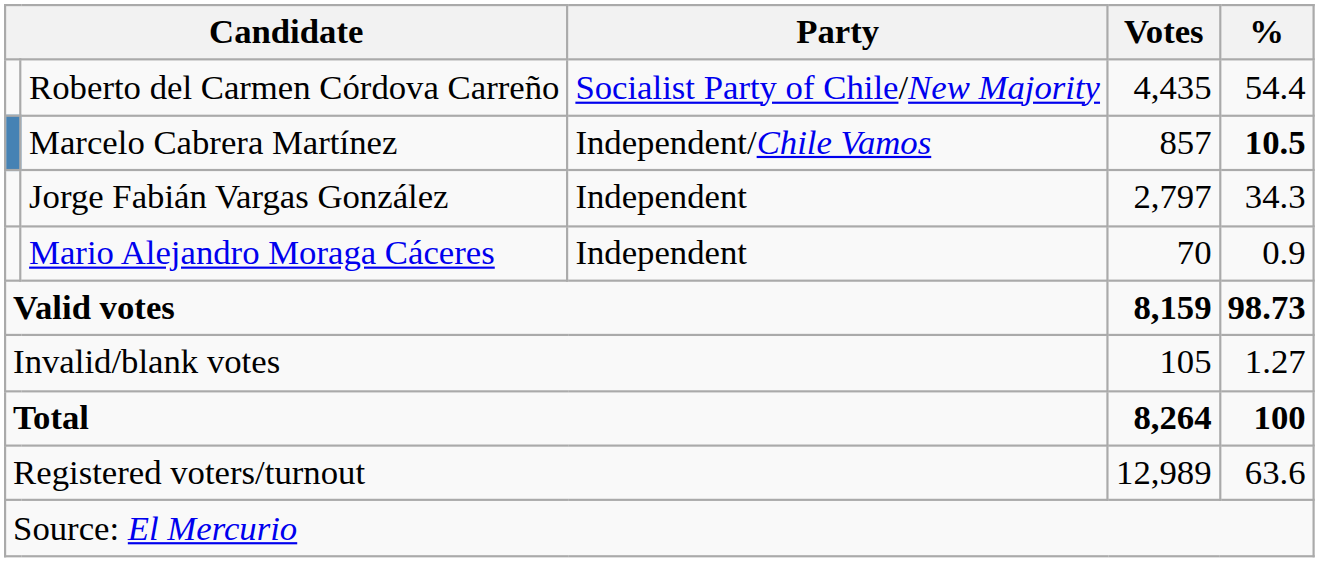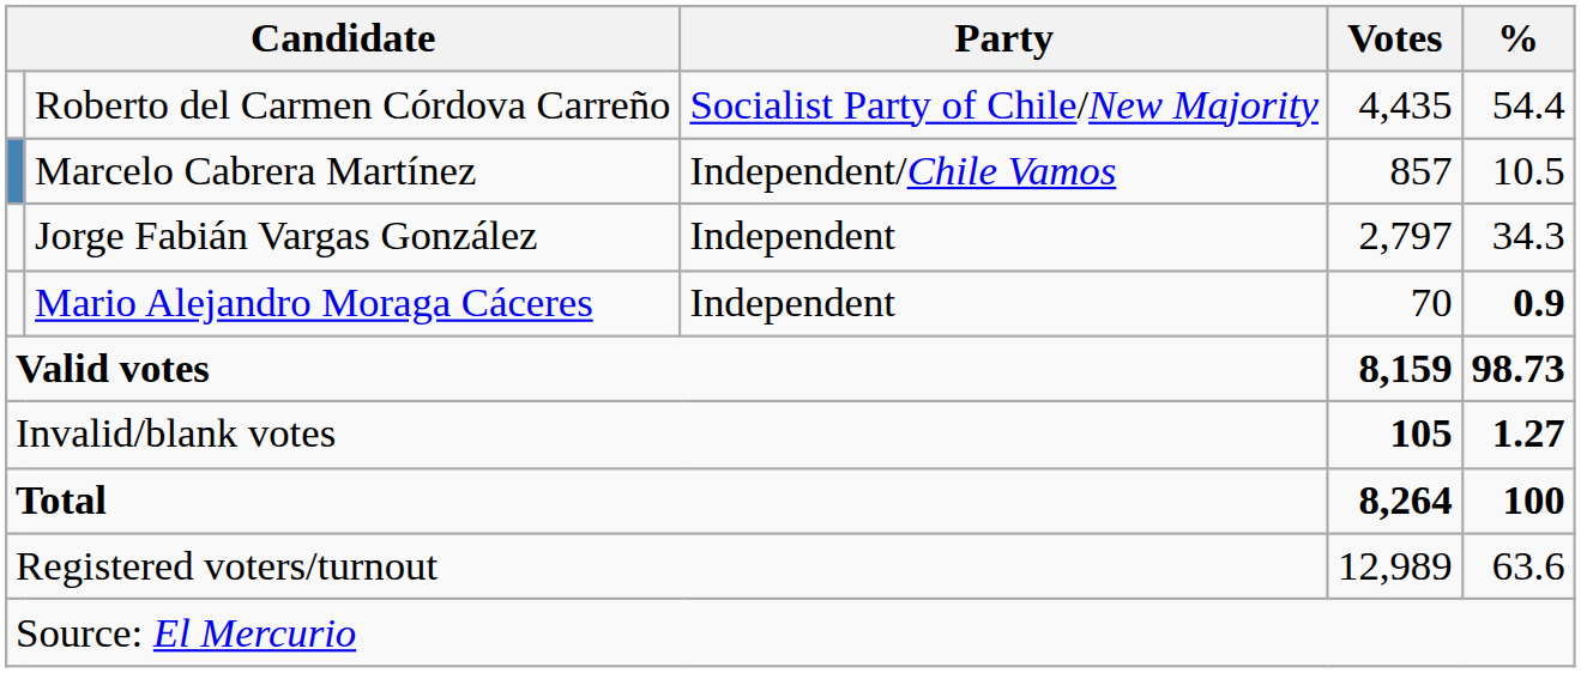 <table class=wikitable style=text-align:right>
 <tr>
 <th colspan=2>Candidate</th>
 <th>Party</th>
 <th>Votes</th>
 <th>%</th>
 </tr>
 <tr>
 <td></td>
 <td align=left>Roberto del Carmen Córdova Carreño</td>
 <td align=left><a href='#'>Socialist Party of Chile</a>/<em><a href='#'>New Majority</a></em></td>
 <td>4,435</td>
 <td>54.4</td>
 </tr>
 <tr>
 <td style="background:steelblue;"></td>
 <td align=left>Marcelo Cabrera Martínez</td>
 <td align=left>Independent/<em><a href='#'>Chile Vamos</a></em></td>
 <td>857</td>
-<td><strong>10.5</strong></td>
+<td>10.5</td>
 </tr>
 <tr>
 <td></td>
 <td align=left>Jorge Fabián Vargas González</td>
 <td align=left>Independent</td>
 <td>2,797</td>
 <td>34.3</td>
 </tr>
 <tr>
 <td></td>
 <td align=left><a href='#'>Mario Alejandro Moraga Cáceres</a></td>
 <td align=left>Independent</td>
 <td>70</td>
-<td>0.9</td>
+<td><strong>0.9</strong></td>
 </tr>
 <tr>
 <td style="text-align:left;" colspan="3"><strong>Valid votes</strong></td>
 <td><strong>8,159</strong></td>
 <td><strong>98.73</strong></td>
 </tr>
 <tr>
 <td style="text-align:left;" colspan="3">Invalid/blank votes</td>
-<td>105</td>
-<td>1.27</td>
+<td><strong>105</strong></td>
+<td><strong>1.27</strong></td>
 </tr>
 <tr>
 <td style="text-align:left;" colspan="3"><strong>Total</strong></td>
 <td><strong>8,264</strong></td>
 <td><strong>100</strong></td>
 </tr>
 <tr>
 <td style="text-align:left;" colspan="3">Registered voters/turnout</td>
 <td>12,989</td>
 <td>63.6</td>
 </tr>
 <tr>
 <td style="text-align:left;" colspan="5">Source: <em><a href='#'>El Mercurio</a></em></td>
 </tr>
 </table>
